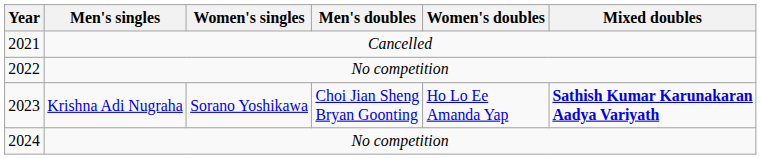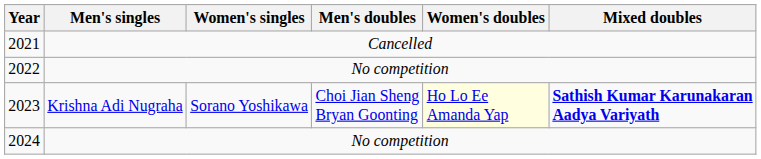 <table class=wikitable style="font-size:90%;">
 <tr>
 <th>Year</th>
 <th>Men's singles</th>
 <th>Women's singles</th>
 <th>Men's doubles</th>
 <th>Women's doubles</th>
 <th>Mixed doubles</th>
 </tr>
 <tr>
 <td>2021</td>
 <td colspan="5" align="center"><em>Cancelled</em></td>
 </tr>
 <tr>
 <td>2022</td>
 <td colspan="5" align="center"><em>No competition</em></td>
 </tr>
 <tr>
 <td>2023</td>
 <td> <a href='#'>Krishna Adi Nugraha</a></td>
 <td> <a href='#'>Sorano Yoshikawa</a></td>
 <td> <a href='#'>Choi Jian Sheng</a><br> <a href='#'>Bryan Goonting</a></td>
-<td> <a href='#'>Ho Lo Ee</a><br> <a href='#'>Amanda Yap</a></td>
+<td style="background: lightyellow;"> <a href='#'>Ho Lo Ee</a><br> <a href='#'>Amanda Yap</a></td>
 <td><strong> <a href='#'>Sathish Kumar Karunakaran</a><br> <a href='#'>Aadya Variyath</a></strong></td>
 </tr>
 <tr>
 <td>2024</td>
 <td colspan="5" align="center"><em>No competition</em></td>
 </tr>
 </table>
